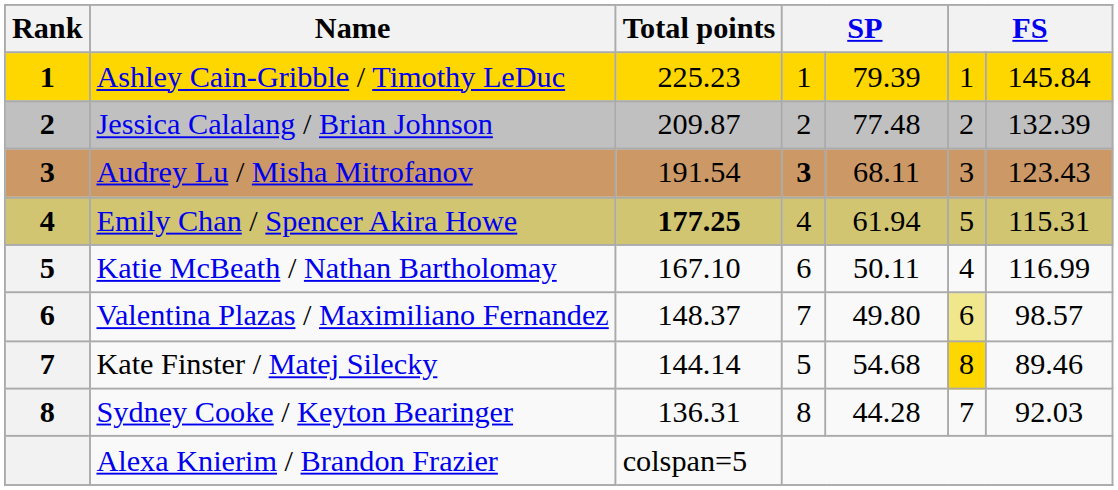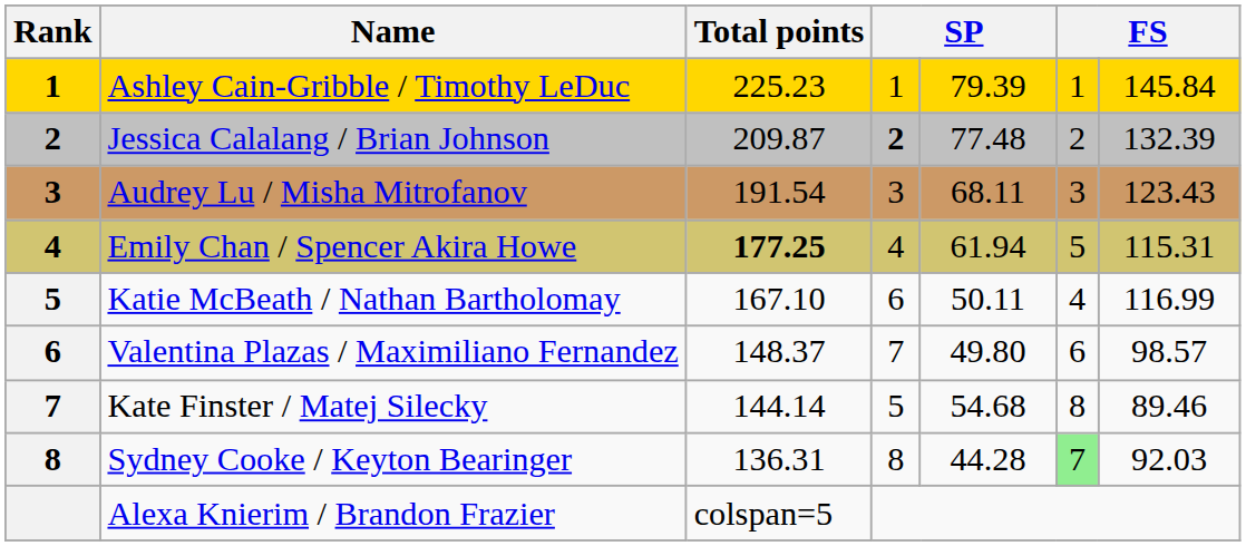 <table class="wikitable sortable">
 <tr>
 <th>Rank</th>
 <th>Name</th>
 <th>Total points</th>
 <th colspan="2" width="80px"><a href='#'>SP</a></th>
 <th colspan="2" width="80px"><a href='#'>FS</a></th>
 </tr>
 <tr bgcolor="gold">
 <td align="center"><strong>1</strong></td>
 <td><a href='#'>Ashley Cain-Gribble</a> / <a href='#'>Timothy LeDuc</a></td>
 <td align="center">225.23</td>
 <td align="center">1</td>
 <td align="center">79.39</td>
 <td align="center">1</td>
 <td align="center">145.84</td>
 </tr>
 <tr bgcolor="silver">
 <td align="center"><strong>2</strong></td>
 <td><a href='#'>Jessica Calalang</a> / <a href='#'>Brian Johnson</a></td>
 <td align="center">209.87</td>
-<td align="center">2</td>
+<td align="center"><strong>2</strong></td>
 <td align="center">77.48</td>
 <td align="center">2</td>
 <td align="center">132.39</td>
 </tr>
 <tr bgcolor="cc9966">
 <td align="center"><strong>3</strong></td>
 <td><a href='#'>Audrey Lu</a> / <a href='#'>Misha Mitrofanov</a></td>
 <td align="center">191.54</td>
-<td align="center"><strong>3</strong></td>
+<td align="center">3</td>
 <td align="center">68.11</td>
 <td align="center">3</td>
 <td align="center">123.43</td>
 </tr>
 <tr bgcolor="#d1c571">
 <td align="center"><strong>4</strong></td>
 <td><a href='#'>Emily Chan</a> / <a href='#'>Spencer Akira Howe</a></td>
 <td align="center"><strong>177.25</strong></td>
 <td align="center">4</td>
 <td align="center">61.94</td>
 <td align="center">5</td>
 <td align="center">115.31</td>
 </tr>
 <tr>
 <th>5</th>
 <td><a href='#'>Katie McBeath</a> / <a href='#'>Nathan Bartholomay</a></td>
 <td align="center">167.10</td>
 <td align="center">6</td>
 <td align="center">50.11</td>
 <td align="center">4</td>
 <td align="center">116.99</td>
 </tr>
 <tr>
 <th>6</th>
 <td><a href='#'>Valentina Plazas</a> / <a href='#'>Maximiliano Fernandez</a></td>
 <td align="center">148.37</td>
 <td align="center">7</td>
 <td align="center">49.80</td>
-<td align="center" style="background: khaki;">6</td>
+<td align="center">6</td>
 <td align="center">98.57</td>
 </tr>
 <tr>
 <th>7</th>
 <td>Kate Finster / <a href='#'>Matej Silecky</a></td>
 <td align="center">144.14</td>
 <td align="center">5</td>
 <td align="center">54.68</td>
-<td align="center" style="background: gold;">8</td>
+<td align="center">8</td>
 <td align="center">89.46</td>
 </tr>
 <tr>
 <th>8</th>
 <td><a href='#'>Sydney Cooke</a> / <a href='#'>Keyton Bearinger</a></td>
 <td align="center">136.31</td>
 <td align="center">8</td>
 <td align="center">44.28</td>
-<td align="center">7</td>
+<td align="center" style="background: lightgreen;">7</td>
 <td align="center">92.03</td>
 </tr>
 <tr>
 <th></th>
 <td><a href='#'>Alexa Knierim</a> / <a href='#'>Brandon Frazier</a></td>
 <td>colspan=5 </td>
 </tr>
 </table>
